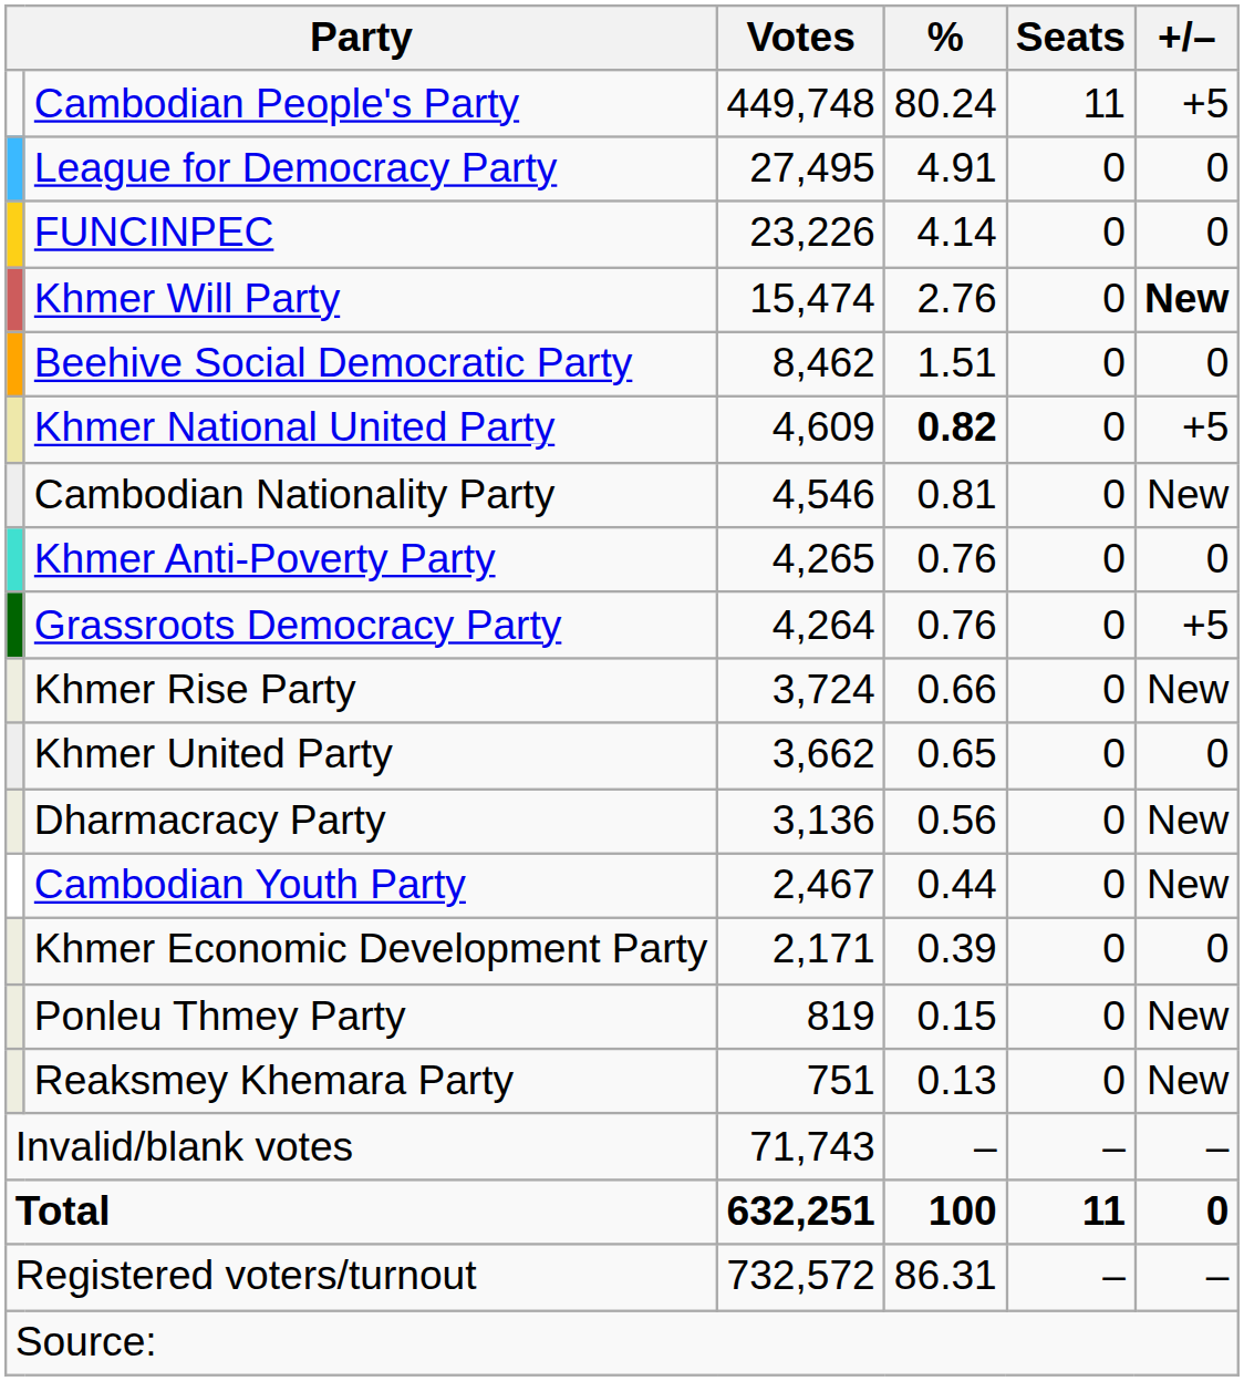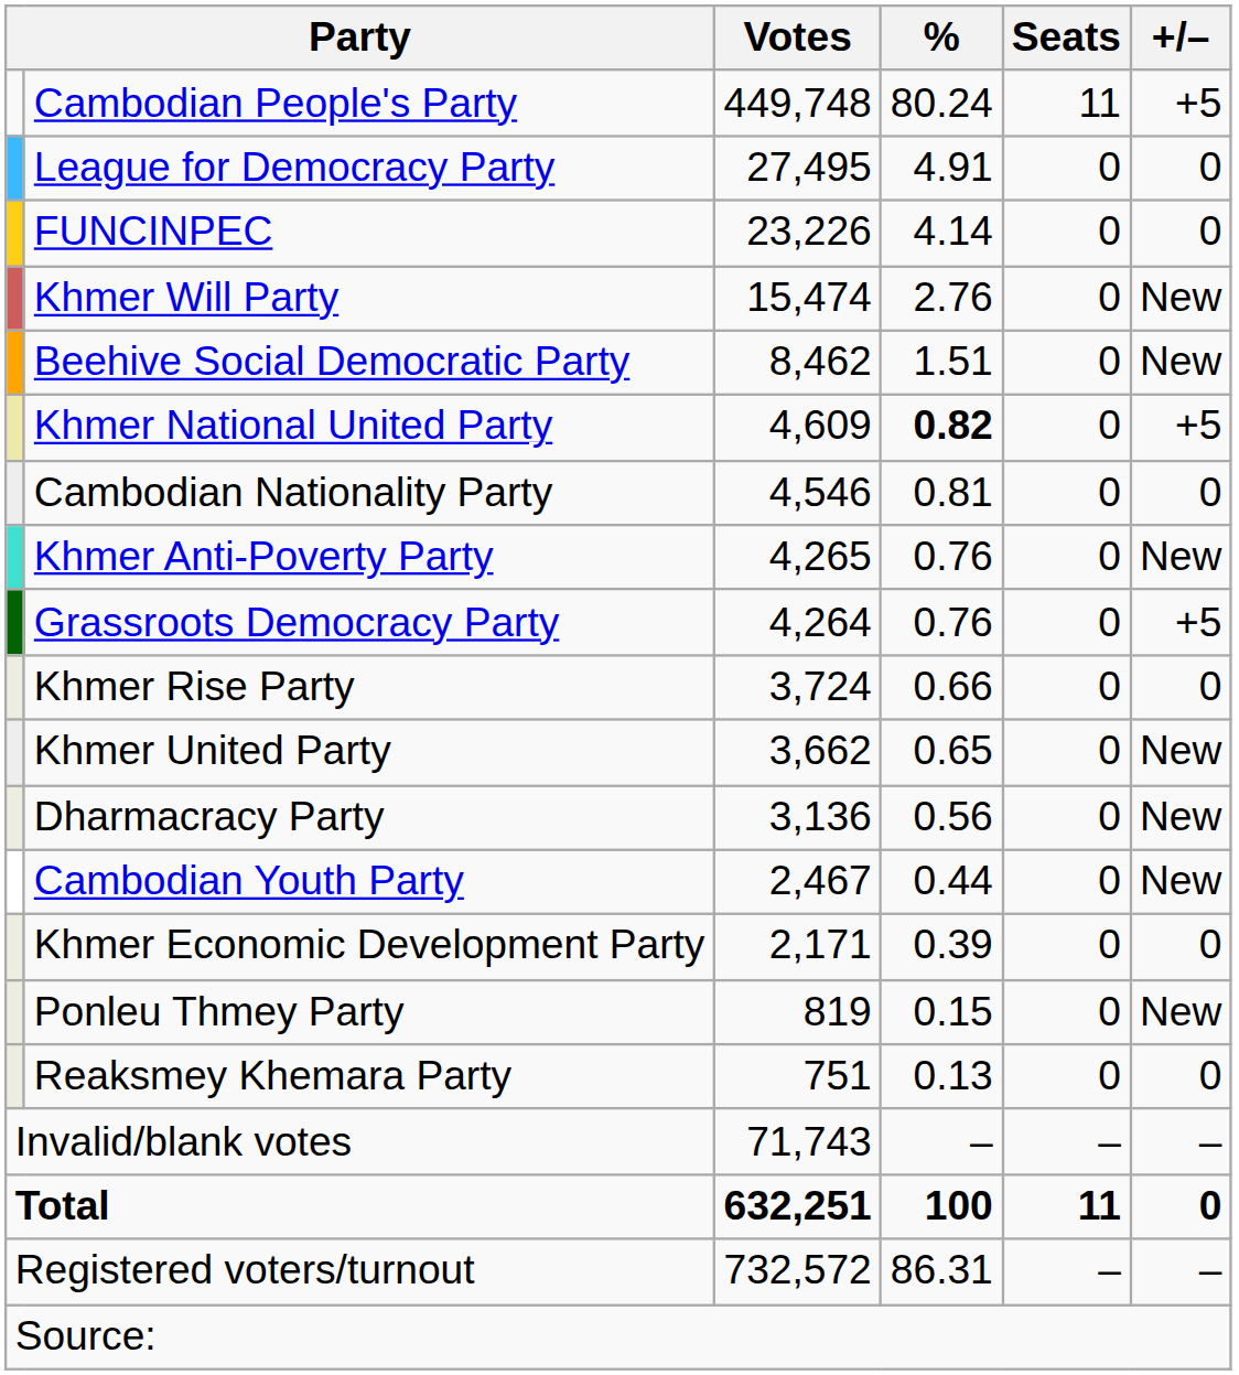 <table class=wikitable style=text-align:right>
 <tr>
 <th colspan=2>Party</th>
 <th>Votes</th>
 <th>%</th>
 <th>Seats</th>
 <th>+/–</th>
 </tr>
 <tr>
 <td style="background:"></td>
 <td align=left><a href='#'>Cambodian People's Party</a></td>
 <td>449,748</td>
 <td>80.24</td>
 <td>11</td>
 <td>+5</td>
 </tr>
 <tr>
 <td style="background:#3BB9FF"></td>
 <td align=left><a href='#'>League for Democracy Party</a></td>
 <td>27,495</td>
 <td>4.91</td>
 <td>0</td>
 <td>0</td>
 </tr>
 <tr>
 <td bgcolor=#FDD017></td>
 <td align=left><a href='#'>FUNCINPEC</a></td>
 <td>23,226</td>
 <td>4.14</td>
 <td>0</td>
 <td>0</td>
 </tr>
 <tr>
 <td bgcolor=#CD5C5C></td>
 <td align=left><a href='#'>Khmer Will Party</a></td>
 <td>15,474</td>
 <td>2.76</td>
 <td>0</td>
-<td><strong>New</strong></td>
+<td>New</td>
 </tr>
 <tr>
 <td bgcolor=#FFA500></td>
 <td align=left><a href='#'>Beehive Social Democratic Party</a></td>
 <td>8,462</td>
 <td>1.51</td>
 <td>0</td>
-<td>0</td>
+<td>New</td>
 </tr>
 <tr>
 <td bgcolor=#EEE8AA></td>
 <td align=left><a href='#'>Khmer National United Party</a></td>
 <td>4,609</td>
 <td><strong>0.82</strong></td>
 <td>0</td>
 <td>+5</td>
 </tr>
 <tr>
 <td bgcolor=#EEEEEE></td>
 <td align=left>Cambodian Nationality Party</td>
 <td>4,546</td>
 <td>0.81</td>
 <td>0</td>
-<td>New</td>
+<td>0</td>
 </tr>
 <tr>
 <td bgcolor=#40E0D0></td>
 <td align=left><a href='#'>Khmer Anti-Poverty Party</a></td>
 <td>4,265</td>
 <td>0.76</td>
 <td>0</td>
-<td>0</td>
+<td>New</td>
 </tr>
 <tr>
 <td bgcolor=#006400></td>
 <td align=left><a href='#'>Grassroots Democracy Party</a></td>
 <td>4,264</td>
 <td>0.76</td>
 <td>0</td>
 <td>+5</td>
 </tr>
 <tr>
 <td bgcolor=#EEEEE></td>
 <td align=left>Khmer Rise Party</td>
 <td>3,724</td>
 <td>0.66</td>
 <td>0</td>
-<td>New</td>
+<td>0</td>
 </tr>
 <tr>
 <td bgcolor=#EEEEEE></td>
 <td align=left>Khmer United Party</td>
 <td>3,662</td>
 <td>0.65</td>
 <td>0</td>
-<td>0</td>
+<td>New</td>
 </tr>
 <tr>
 <td bgcolor=#EEEEE></td>
 <td align=left>Dharmacracy Party</td>
 <td>3,136</td>
 <td>0.56</td>
 <td>0</td>
 <td>New</td>
 </tr>
 <tr>
 <td bgcolor=#FFFFFF></td>
 <td align=left><a href='#'>Cambodian Youth Party</a></td>
 <td>2,467</td>
 <td>0.44</td>
 <td>0</td>
 <td>New</td>
 </tr>
 <tr>
 <td bgcolor=#EEEEE></td>
 <td align=left>Khmer Economic Development Party</td>
 <td>2,171</td>
 <td>0.39</td>
 <td>0</td>
 <td>0</td>
 </tr>
 <tr>
 <td bgcolor=#EEEEE></td>
 <td align=left>Ponleu Thmey Party</td>
 <td>819</td>
 <td>0.15</td>
 <td>0</td>
 <td>New</td>
 </tr>
 <tr>
 <td bgcolor=#EEEEE></td>
 <td align=left>Reaksmey Khemara Party</td>
 <td>751</td>
 <td>0.13</td>
 <td>0</td>
-<td>New</td>
+<td>0</td>
 </tr>
 <tr>
 <td colspan=2 align=left>Invalid/blank votes</td>
 <td>71,743</td>
 <td>–</td>
 <td>–</td>
 <td>–</td>
 </tr>
 <tr>
 <td colspan=2 align=left><strong>Total</strong></td>
 <td><strong>632,251</strong></td>
 <td><strong>100</strong></td>
 <td><strong>11</strong></td>
 <td><strong>0</strong></td>
 </tr>
 <tr>
 <td colspan=2 align=left>Registered voters/turnout</td>
 <td>732,572</td>
 <td>86.31</td>
 <td>–</td>
 <td>–</td>
 </tr>
 <tr>
 <td colspan=6 align=left>Source: </td>
 </tr>
 </table>
